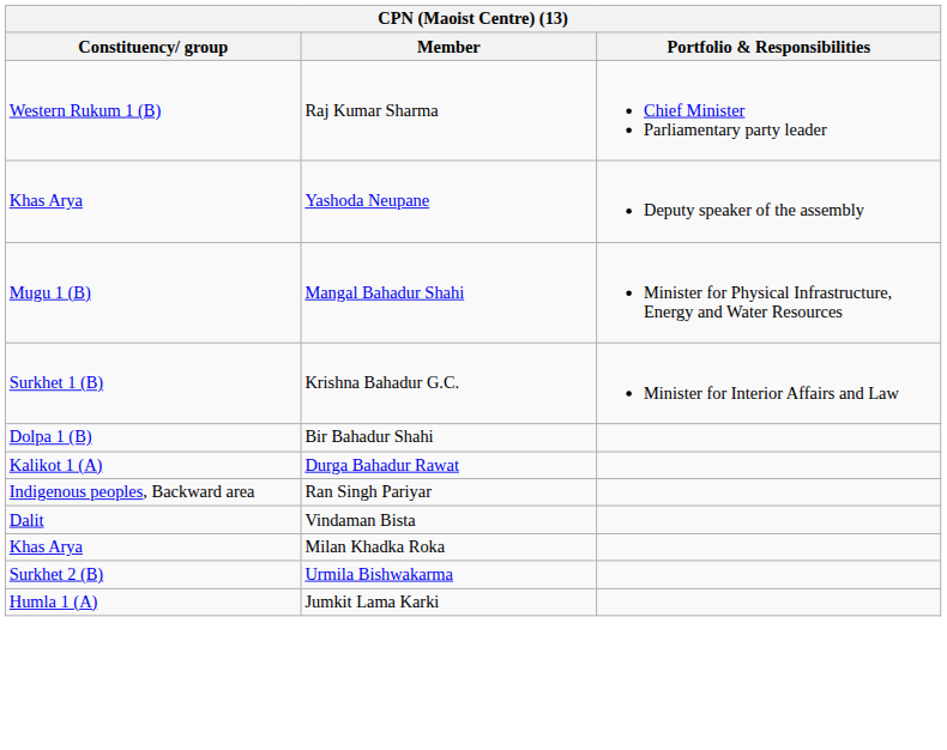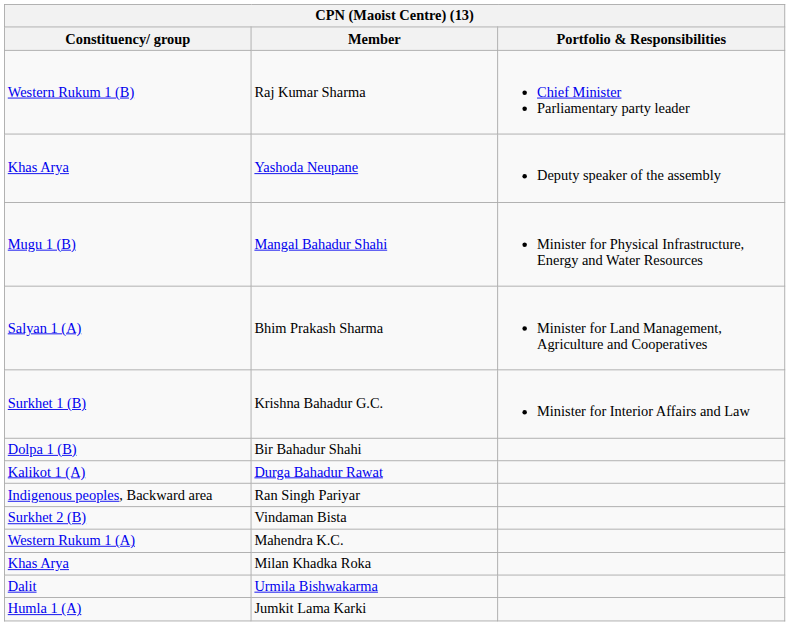 <table class="wikitable sortable mw-collapsible mw-collapsed">
 <tr>
 <th colspan="3" style="width: 800pt; background:">CPN (Maoist Centre) (13)</th>
 </tr>
 <tr>
 <th style="width:200pt;">Constituency/ group</th>
 <th style="width:200pt;">Member</th>
 <th>Portfolio & Responsibilities</th>
 </tr>
 <tr>
 <td><a href='#'>Western Rukum 1 (B)</a></td>
 <td>Raj Kumar Sharma</td>
 <td><br><ul><li><a href='#'>Chief Minister</a></li><li>Parliamentary party leader</li></ul></td>
 </tr>
 <tr>
 <td><a href='#'>Khas Arya</a></td>
 <td><a href='#'>Yashoda Neupane</a></td>
 <td><br><ul><li>Deputy speaker of the assembly</li></ul></td>
 </tr>
 <tr>
 <td><a href='#'>Mugu 1 (B)</a></td>
 <td><a href='#'>Mangal Bahadur Shahi</a></td>
 <td><br><ul><li>Minister for Physical Infrastructure, Energy and Water Resources</li></ul></td>
 </tr>
 <tr>
+<td><a href='#'>Salyan 1 (A)</a></td>
+<td>Bhim Prakash Sharma</td>
+<td><br><ul><li>Minister for Land Management, Agriculture and Cooperatives</li></ul></td>
+</tr>
+<tr>
 <td><a href='#'>Surkhet 1 (B)</a></td>
 <td>Krishna Bahadur G.C.</td>
 <td><br><ul><li>Minister for Interior Affairs and Law</li></ul></td>
 </tr>
 <tr>
 <td><a href='#'>Dolpa 1 (B)</a></td>
 <td>Bir Bahadur Shahi</td>
 <td></td>
 </tr>
 <tr>
 <td><a href='#'>Kalikot 1 (A)</a></td>
 <td><a href='#'>Durga Bahadur Rawat</a></td>
 <td></td>
 </tr>
 <tr>
 <td><a href='#'>Indigenous peoples</a>, Backward area</td>
 <td>Ran Singh Pariyar</td>
 <td></td>
 </tr>
 <tr>
-<td><a href='#'>Dalit</a></td>
+<td><a href='#'>Surkhet 2 (B)</a></td>
 <td>Vindaman Bista</td>
+<td></td>
+</tr>
+<tr>
+<td><a href='#'>Western Rukum 1 (A)</a></td>
+<td>Mahendra K.C.</td>
 <td></td>
 </tr>
 <tr>
 <td><a href='#'>Khas Arya</a></td>
 <td>Milan Khadka Roka</td>
 <td></td>
 </tr>
 <tr>
-<td><a href='#'>Surkhet 2 (B)</a></td>
+<td><a href='#'>Dalit</a></td>
 <td><a href='#'>Urmila Bishwakarma</a></td>
 <td></td>
 </tr>
 <tr>
 <td><a href='#'>Humla 1 (A)</a></td>
 <td>Jumkit Lama Karki</td>
 <td></td>
 </tr>
 </table>
